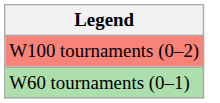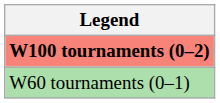 <table class="wikitable" style="font-size:85%">
 <tr>
 <th>Legend</th>
 </tr>
 <tr style="background:#f88379;">
-<td>W100 tournaments (0–2)</td>
+<td><strong>W100 tournaments (0–2)</strong></td>
 </tr>
 <tr style="background:#addfad">
 <td>W60 tournaments (0–1)</td>
 </tr>
 </table>
